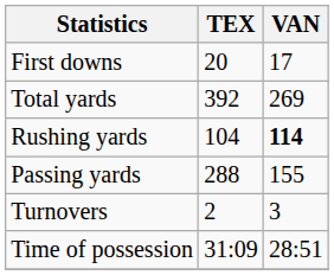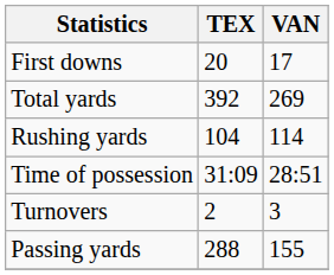 <table class="wikitable" style="float: left;">
 <tr>
 <th>Statistics</th>
 <th>TEX</th>
 <th>VAN</th>
 </tr>
 <tr>
 <td>First downs</td>
 <td>20</td>
 <td>17</td>
 </tr>
 <tr>
 <td>Total yards</td>
 <td>392</td>
 <td>269</td>
 </tr>
 <tr>
 <td>Rushing yards</td>
 <td>104</td>
-<td><strong>114</strong></td>
+<td>114</td>
+</tr>
+<tr>
+<td>Time of possession</td>
+<td>31:09</td>
+<td>28:51</td>
+</tr>
+<tr>
+<td>Turnovers</td>
+<td>2</td>
+<td>3</td>
 </tr>
 <tr>
 <td>Passing yards</td>
 <td>288</td>
 <td>155</td>
 </tr>
 <tr>
-<td>Turnovers</td>
-<td>2</td>
-<td>3</td>
-</tr>
-<tr>
-<td>Time of possession</td>
-<td>31:09</td>
-<td>28:51</td>
-</tr>
-<tr>
 </tr>
 </table>
